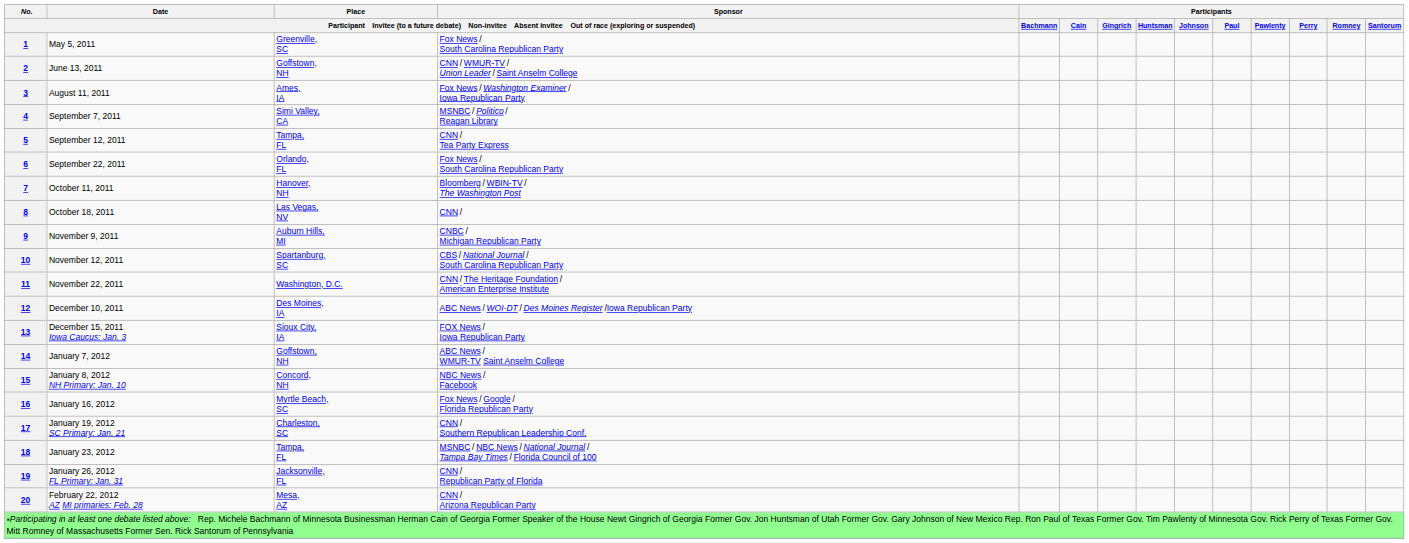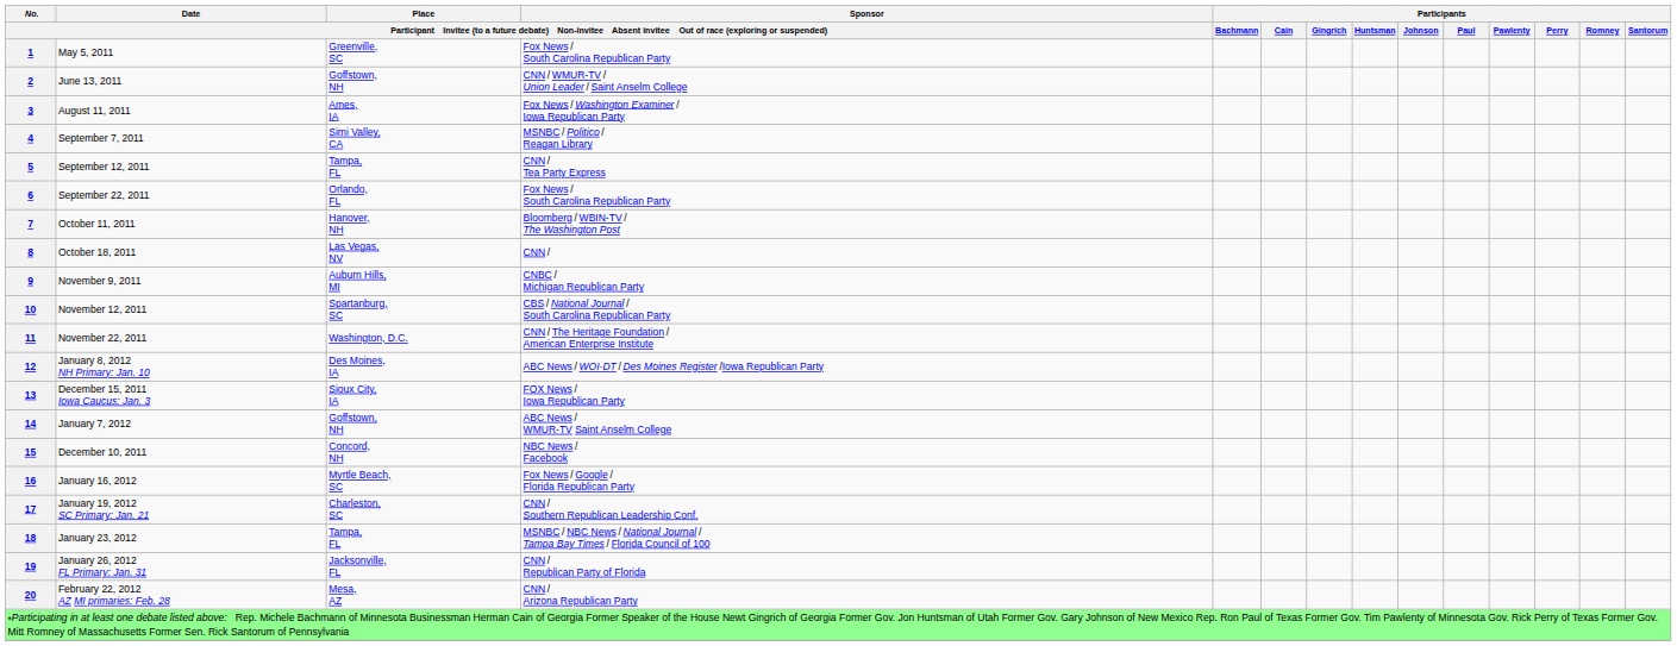 <table class="wikitable" style="font-size:75%">
 <tr>
 <th style="white-space:nowrap;"> <small><em>No.</em></small></th>
 <th><small>Date</small></th>
 <th><small>Place</small></th>
 <th><small>Sponsor</small></th>
 <th scope="col" colspan="10"><small>Participants</small></th>
 </tr>
 <tr>
 <th colspan="4"><small> Participant     Invitee (to a future debate)     Non-invitee     Absent invitee     Out of race (exploring or suspended)</small></th>
 <th scope="col" style="width:4em;"><small><a href='#'>Bachmann</a></small></th>
 <th scope="col" style="width:4em;"><small><a href='#'>Cain</a></small></th>
 <th scope="col" style="width:4em;"><small><a href='#'>Gingrich</a></small></th>
 <th scope="col" style="width:4em;"><small><a href='#'>Huntsman</a></small></th>
 <th scope="col" style="width:4em;"><small><a href='#'>Johnson</a></small></th>
 <th scope="col" style="width:4em;"><small><a href='#'>Paul</a></small></th>
 <th scope="col" style="width:4em;"><small><a href='#'>Pawlenty</a></small></th>
 <th scope="col" style="width:4em;"><small><a href='#'>Perry</a></small></th>
 <th scope="col" style="width:4em;"><small><a href='#'>Romney</a></small></th>
 <th scope="col" style="width:4em;"><small><a href='#'>Santorum</a></small></th>
 </tr>
 <tr>
 <th><a href='#'>1</a></th>
 <td style="white-space:nowrap;">May 5, 2011</td>
 <td style="white-space:nowrap;"><a href='#'>Greenville,<br>SC</a></td>
 <td style="white-space:nowrap;"><a href='#'>Fox News</a> /<br><a href='#'>South Carolina Republican Party</a></td>
 <td></td>
 <td></td>
 <td></td>
 <td></td>
 <td></td>
 <td></td>
 <td></td>
 <td></td>
 <td></td>
 <td></td>
 </tr>
 <tr>
 <th><a href='#'>2</a></th>
 <td>June 13, 2011</td>
 <td><a href='#'>Goffstown,<br>NH</a></td>
 <td><a href='#'>CNN</a> / <a href='#'>WMUR-TV</a> /<br><a href='#'><em>Union Leader</em></a> / <a href='#'>Saint Anselm College</a></td>
 <td></td>
 <td></td>
 <td></td>
 <td></td>
 <td></td>
 <td></td>
 <td></td>
 <td></td>
 <td></td>
 <td></td>
 </tr>
 <tr>
 <th><a href='#'>3</a></th>
 <td>August 11, 2011</td>
 <td><a href='#'>Ames,<br>IA</a></td>
 <td><a href='#'>Fox News</a> / <em><a href='#'>Washington Examiner</a></em> /<br><a href='#'>Iowa Republican Party</a></td>
 <td></td>
 <td></td>
 <td></td>
 <td></td>
 <td></td>
 <td></td>
 <td></td>
 <td></td>
 <td></td>
 <td></td>
 </tr>
 <tr>
 <th><a href='#'>4</a></th>
 <td style="white-space:nowrap;">September 7, 2011</td>
 <td><a href='#'>Simi Valley,<br>CA</a></td>
 <td><a href='#'>MSNBC</a> / <em><a href='#'>Politico</a></em> /<br><a href='#'>Reagan Library</a></td>
 <td></td>
 <td></td>
 <td></td>
 <td></td>
 <td></td>
 <td></td>
 <td></td>
 <td></td>
 <td></td>
 <td></td>
 </tr>
 <tr>
 <th><a href='#'>5</a></th>
 <td style="white-space:nowrap;">September 12, 2011</td>
 <td><a href='#'>Tampa,<br>FL</a></td>
 <td><a href='#'>CNN</a> / <br><a href='#'>Tea Party Express</a></td>
 <td></td>
 <td></td>
 <td></td>
 <td></td>
 <td></td>
 <td></td>
 <td></td>
 <td></td>
 <td></td>
 <td></td>
 </tr>
 <tr>
 <th><a href='#'>6</a></th>
 <td style="white-space:nowrap;">September 22, 2011</td>
 <td><a href='#'>Orlando,<br>FL</a></td>
 <td><a href='#'>Fox News</a> /<br><a href='#'>South Carolina Republican Party</a></td>
 <td></td>
 <td></td>
 <td></td>
 <td></td>
 <td></td>
 <td></td>
 <td></td>
 <td></td>
 <td></td>
 <td></td>
 </tr>
 <tr>
 <th><a href='#'>7</a></th>
 <td>October 11, 2011</td>
 <td><a href='#'>Hanover,<br>NH</a></td>
 <td><a href='#'>Bloomberg</a> / <a href='#'>WBIN-TV</a> / <br> <em><a href='#'>The Washington Post</a></em></td>
 <td></td>
 <td></td>
 <td></td>
 <td></td>
 <td></td>
 <td></td>
 <td></td>
 <td></td>
 <td></td>
 <td></td>
 </tr>
 <tr>
 <th><a href='#'>8</a></th>
 <td>October 18, 2011</td>
 <td><a href='#'>Las Vegas,<br>NV</a></td>
 <td ! style="white-space:nowrap;"><a href='#'>CNN</a> / <br></td>
 <td></td>
 <td></td>
 <td></td>
 <td></td>
 <td></td>
 <td></td>
 <td></td>
 <td></td>
 <td></td>
 <td></td>
 </tr>
 <tr>
 <th><a href='#'>9</a></th>
 <td>November 9, 2011</td>
 <td><a href='#'>Auburn Hills,<br>MI</a></td>
 <td><a href='#'>CNBC</a> /<br><a href='#'>Michigan Republican Party</a></td>
 <td></td>
 <td></td>
 <td></td>
 <td></td>
 <td></td>
 <td></td>
 <td></td>
 <td></td>
 <td></td>
 <td></td>
 </tr>
 <tr>
 <th><a href='#'>10</a></th>
 <td>November 12, 2011</td>
 <td><a href='#'>Spartanburg,<br>SC</a></td>
 <td><a href='#'>CBS</a> / <em><a href='#'>National Journal</a></em> / <br><a href='#'>South Carolina Republican Party</a></td>
 <td></td>
 <td></td>
 <td></td>
 <td></td>
 <td></td>
 <td></td>
 <td></td>
 <td></td>
 <td></td>
 <td></td>
 </tr>
 <tr>
 <th><a href='#'>11</a></th>
 <td>November 22, 2011</td>
 <td><a href='#'>Washington, D.C.</a></td>
 <td><a href='#'>CNN</a> / <a href='#'>The Heritage Foundation</a> /<br><a href='#'>American Enterprise Institute</a></td>
 <td></td>
 <td></td>
 <td></td>
 <td></td>
 <td></td>
 <td></td>
 <td></td>
 <td></td>
 <td></td>
 <td></td>
 </tr>
 <tr>
 <th><a href='#'>12</a></th>
-<td>December 10, 2011</td>
+<td>January 8, 2012<div><span><a href='#'><span><em>NH Primary: Jan. 10</em></span></a></span></div></td>
 <td><a href='#'>Des Moines,<br>IA</a></td>
 <td><a href='#'>ABC News</a> / <em><a href='#'>WOI-DT</a></em> / <em><a href='#'>Des Moines Register</a></em> /<a href='#'>Iowa Republican Party</a></td>
 <td></td>
 <td></td>
 <td></td>
 <td></td>
 <td></td>
 <td></td>
 <td></td>
 <td></td>
 <td></td>
 <td></td>
 </tr>
 <tr>
 <th><a href='#'>13</a></th>
 <td>December 15, 2011<div><span><a href='#'><span><em>Iowa Caucus: Jan. 3</em></span></a></span></div></td>
 <td><a href='#'>Sioux City,<br>IA</a></td>
 <td><a href='#'>FOX News</a> /<br><a href='#'>Iowa Republican Party</a></td>
 <td></td>
 <td></td>
 <td></td>
 <td></td>
 <td></td>
 <td></td>
 <td></td>
 <td></td>
 <td></td>
 <td></td>
 </tr>
 <tr>
 <th><a href='#'>14</a></th>
 <td>January 7, 2012</td>
 <td><a href='#'>Goffstown,<br>NH</a></td>
 <td><a href='#'>ABC News</a> /<br><a href='#'>WMUR-TV</a> <a href='#'>Saint Anselm College</a></td>
 <td></td>
 <td></td>
 <td></td>
 <td></td>
 <td></td>
 <td></td>
 <td></td>
 <td></td>
 <td></td>
 <td></td>
 </tr>
 <tr>
 <th><a href='#'>15</a></th>
-<td>January 8, 2012<div><span><a href='#'><span><em>NH Primary: Jan. 10</em></span></a></span></div></td>
+<td>December 10, 2011</td>
 <td><a href='#'>Concord,<br>NH</a></td>
 <td><a href='#'>NBC News</a> /<br><a href='#'>Facebook</a></td>
 <td></td>
 <td></td>
 <td></td>
 <td></td>
 <td></td>
 <td></td>
 <td></td>
 <td></td>
 <td></td>
 <td></td>
 </tr>
 <tr>
 <th><a href='#'>16</a></th>
 <td>January 16, 2012</td>
 <td style="white-space:nowrap;"><a href='#'>Myrtle Beach,<br>SC</a></td>
 <td><a href='#'>Fox News</a> / <a href='#'>Google</a> / <br><a href='#'>Florida Republican Party</a></td>
 <td></td>
 <td></td>
 <td></td>
 <td></td>
 <td></td>
 <td></td>
 <td></td>
 <td></td>
 <td></td>
 <td></td>
 </tr>
 <tr>
 <th><a href='#'>17</a></th>
 <td>January 19, 2012<div><span><a href='#'><span><em>SC Primary: Jan. 21</em></span></a></span></div></td>
 <td><a href='#'>Charleston,<br>SC</a></td>
 <td ! style="white-space:nowrap;"><a href='#'>CNN</a> / <br> <a href='#'>Southern Republican Leadership Conf.</a></td>
 <td></td>
 <td></td>
 <td></td>
 <td></td>
 <td></td>
 <td></td>
 <td></td>
 <td></td>
 <td></td>
 <td></td>
 </tr>
 <tr>
 <th><a href='#'>18</a></th>
 <td>January 23, 2012</td>
 <td><a href='#'>Tampa,<br>FL</a></td>
 <td style="white-space:nowrap;"><a href='#'>MSNBC</a> / <a href='#'>NBC News</a> / <em><a href='#'>National Journal</a></em> /<br><em><a href='#'>Tampa Bay Times</a></em> / <a href='#'>Florida Council of 100</a></td>
 <td></td>
 <td></td>
 <td></td>
 <td></td>
 <td></td>
 <td></td>
 <td></td>
 <td></td>
 <td></td>
 <td></td>
 </tr>
 <tr>
 <th><a href='#'>19</a></th>
 <td>January 26, 2012<div><span><a href='#'><span><em>FL Primary: Jan. 31</em></span></a></span></div></td>
 <td><a href='#'>Jacksonville,<br>FL</a></td>
 <td><a href='#'>CNN</a> /<br><a href='#'>Republican Party of Florida</a></td>
 <td></td>
 <td></td>
 <td></td>
 <td></td>
 <td></td>
 <td></td>
 <td></td>
 <td></td>
 <td></td>
 <td></td>
 </tr>
 <tr>
 <th> <a href='#'>20</a></th>
 <td>February 22, 2012<div><a href='#'><span><em>AZ</em></span></a> <a href='#'><span><em>MI primaries: Feb. 28</em></span></a></div></td>
 <td><a href='#'>Mesa,<br>AZ</a></td>
 <td><a href='#'>CNN</a> /<br><a href='#'>Arizona Republican Party</a></td>
 <td></td>
 <td></td>
 <td></td>
 <td></td>
 <td></td>
 <td></td>
 <td></td>
 <td></td>
 <td></td>
 <td></td>
 </tr>
 <tr>
 <td colspan="16" style="background: #90ff90; color: black; vertical-align: top; text-align: left;" class="table-no"><sub><big>*</big></sub><em>Participating in at least one debate listed above:</em>   Rep. Michele Bachmann of Minnesota Businessman Herman Cain of Georgia Former Speaker of the House Newt Gingrich of Georgia Former Gov. Jon Huntsman of Utah Former Gov. Gary Johnson of New Mexico Rep. Ron Paul of Texas Former Gov. Tim Pawlenty of Minnesota Gov. Rick Perry of Texas Former Gov. Mitt Romney of Massachusetts Former Sen. Rick Santorum of Pennsylvania</td>
 </tr>
 <tr>
 </tr>
 </table>
